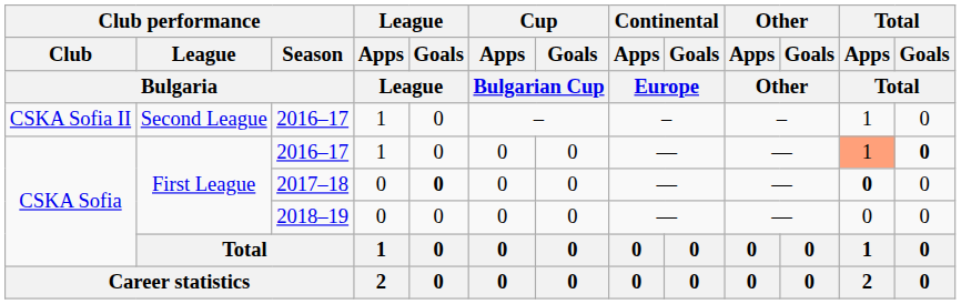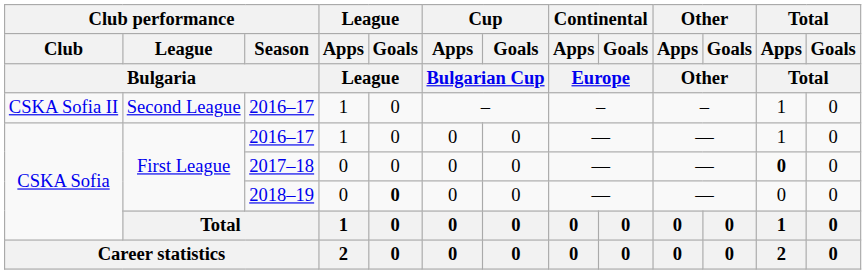 <table class="wikitable" style="text-align: center">
 <tr>
 <th Colspan="3">Club performance</th>
 <th Colspan="2">League</th>
 <th Colspan="2">Cup</th>
 <th Colspan="2">Continental</th>
 <th Colspan="2">Other</th>
 <th Colspan="3">Total</th>
 </tr>
 <tr>
 <th>Club</th>
 <th>League</th>
 <th>Season</th>
 <th>Apps</th>
 <th>Goals</th>
 <th>Apps</th>
 <th>Goals</th>
 <th>Apps</th>
 <th>Goals</th>
 <th>Apps</th>
 <th>Goals</th>
 <th>Apps</th>
 <th>Goals</th>
 </tr>
 <tr>
 <th Colspan="3">Bulgaria</th>
 <th Colspan="2">League</th>
 <th Colspan="2"><a href='#'>Bulgarian Cup</a></th>
 <th Colspan="2"><a href='#'>Europe</a></th>
 <th Colspan="2">Other</th>
 <th Colspan="2">Total</th>
 </tr>
 <tr>
 <td rowspan="1" valign="center"><a href='#'>CSKA Sofia II</a></td>
 <td rowspan="1"><a href='#'>Second League</a></td>
 <td><a href='#'>2016–17</a></td>
 <td>1</td>
 <td>0</td>
 <td colspan="2">–</td>
 <td colspan="2">–</td>
 <td colspan="2">–</td>
 <td>1</td>
 <td>0</td>
 </tr>
 <tr>
 <td rowspan="4" valign="center"><a href='#'>CSKA Sofia</a></td>
 <td rowspan="3"><a href='#'>First League</a></td>
 <td><a href='#'>2016–17</a></td>
 <td>1</td>
 <td>0</td>
 <td>0</td>
 <td>0</td>
 <td colspan="2">—</td>
 <td colspan="2">—</td>
-<td style="background: lightsalmon;">1</td>
-<td><strong>0</strong></td>
+<td>1</td>
+<td>0</td>
 </tr>
 <tr>
 <td><a href='#'>2017–18</a></td>
 <td>0</td>
-<td><strong>0</strong></td>
+<td>0</td>
 <td>0</td>
 <td>0</td>
 <td colspan="2">—</td>
 <td colspan="2">—</td>
 <td><strong>0</strong></td>
 <td>0</td>
 </tr>
 <tr>
 <td><a href='#'>2018–19</a></td>
 <td>0</td>
-<td>0</td>
+<td><strong>0</strong></td>
 <td>0</td>
 <td>0</td>
 <td colspan="2">—</td>
 <td colspan="2">—</td>
 <td>0</td>
 <td>0</td>
 </tr>
 <tr>
 <th colspan=2>Total</th>
 <th>1</th>
 <th>0</th>
 <th>0</th>
 <th>0</th>
 <th>0</th>
 <th>0</th>
 <th>0</th>
 <th>0</th>
 <th>1</th>
 <th>0</th>
 </tr>
 <tr>
 <th colspan="3">Career statistics</th>
 <th>2</th>
 <th>0</th>
 <th>0</th>
 <th>0</th>
 <th>0</th>
 <th>0</th>
 <th>0</th>
 <th>0</th>
 <th>2</th>
 <th>0</th>
 </tr>
 </table>
